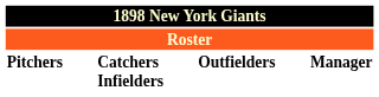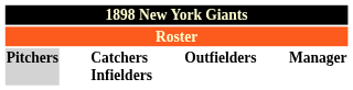 <table class="toccolours" style="font-size: 95%;">
 <tr>
 <th colspan="10" style="background-color: black; color: #FFFDD0; text-align: center;">1898 New York Giants</th>
 </tr>
 <tr>
 <td colspan="10" style="background-color: #fd5a1e; color: #FFFDD0; text-align: center;"><strong>Roster</strong></td>
 </tr>
 <tr>
-<td valign="top"><strong>Pitchers</strong><br>     </td>
+<td valign="top" style="background: lightgrey;"><strong>Pitchers</strong><br>     </td>
 <td width="25px"></td>
 <td valign="top"><strong>Catchers</strong><br>    <strong>Infielders</strong>      </td>
 <td width="25px"></td>
 <td valign="top"><strong>Outfielders</strong><br>         </td>
 <td width="25px"></td>
 <td valign="top"><strong>Manager</strong><br> </td>
 </tr>
 </table>
